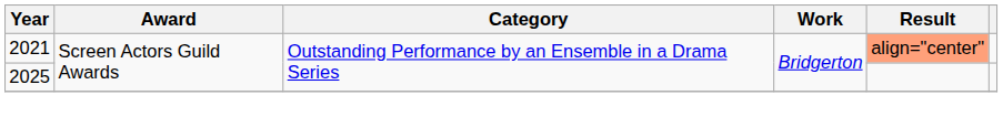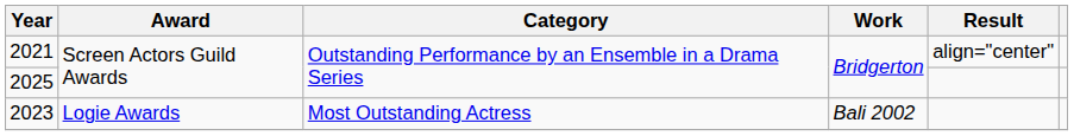 <table class="wikitable plainrowheaders sortable">
 <tr>
 <th>Year</th>
 <th>Award</th>
 <th>Category</th>
 <th>Work</th>
 <th>Result</th>
 <th class="unsortable"></th>
 </tr>
 <tr>
 <td>2021</td>
 <td rowspan="2">Screen Actors Guild Awards</td>
 <td rowspan="2"><a href='#'>Outstanding Performance by an Ensemble in a Drama Series</a></td>
 <td rowspan="2"><em><a href='#'>Bridgerton</a></em></td>
-<td style="background: lightsalmon;">align="center"</td>
+<td>align="center"</td>
 <td></td>
 </tr>
 <tr>
 <td>2025</td>
 <td></td>
 <td></td>
 </tr>
 <tr>
+<td>2023</td>
+<td><a href='#'>Logie Awards</a></td>
+<td><a href='#'>Most Outstanding Actress</a></td>
+<td><em>Bali 2002</em></td>
+<td></td>
+<td></td>
+</tr>
+<tr>
 </tr>
 </table>
